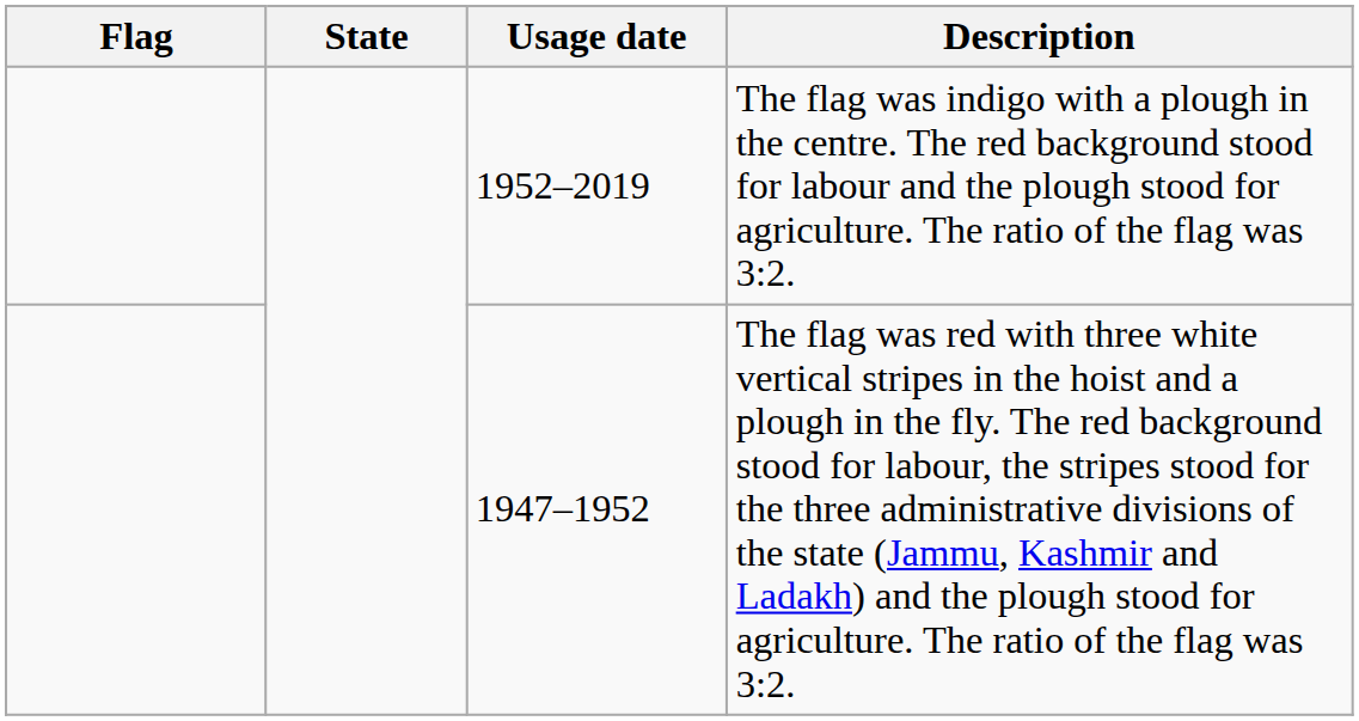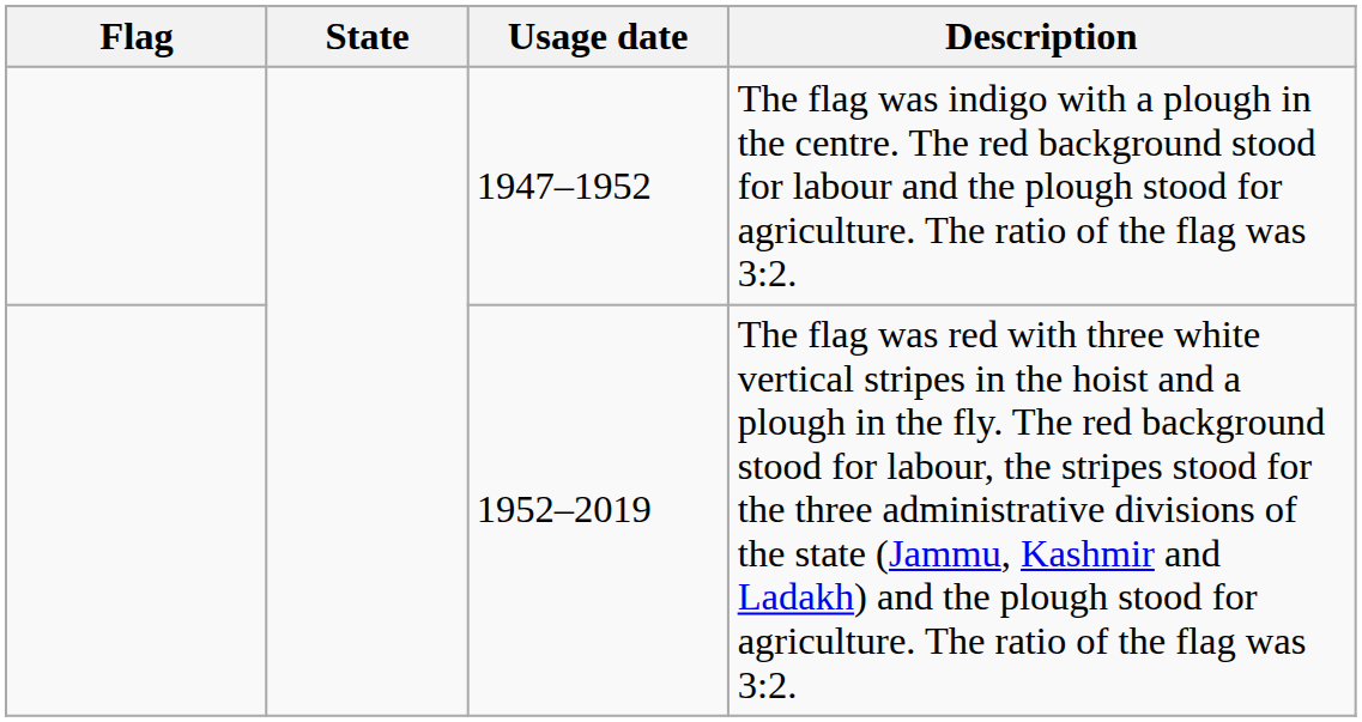 <table class="wikitable sortable">
 <tr>
 <th class="unsortable" style="width:100px;">Flag</th>
 <th class="unsortable" style="width:75px;">State</th>
 <th style="width:100px;">Usage date</th>
 <th class="unsortable" style="width:250px;">Description</th>
 </tr>
 <tr>
 <td></td>
 <td rowspan="2"></td>
-<td>1952–2019</td>
+<td>1947–1952</td>
 <td>The flag was indigo with a plough in the centre. The red background stood for labour and the plough stood for agriculture. The ratio of the flag was 3:2.</td>
 </tr>
 <tr>
 <td></td>
-<td>1947–1952</td>
+<td>1952–2019</td>
 <td>The flag was red with three white vertical stripes in the hoist and a plough in the fly. The red background stood for labour, the stripes stood for the three administrative divisions of the state (<a href='#'>Jammu</a>, <a href='#'>Kashmir</a> and <a href='#'>Ladakh</a>) and the plough stood for agriculture. The ratio of the flag was 3:2.</td>
 </tr>
 </table>
